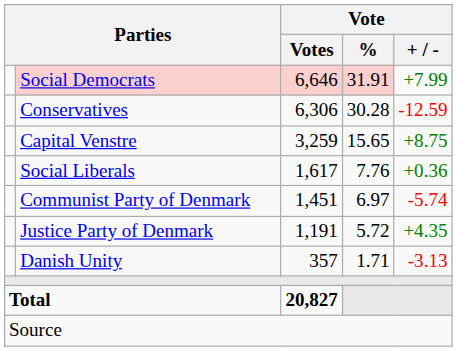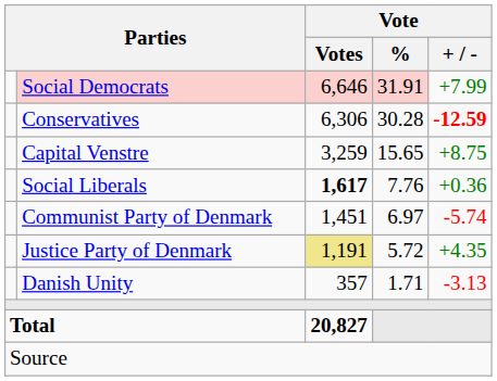 <table class="wikitable" style="text-align:right;">
 <tr>
 <th style="text-align:centre;" rowspan="2" colspan="2" width="225">Parties</th>
 <th colspan="3">Vote</th>
 </tr>
 <tr>
 <th width="15">Votes</th>
 <th width="15">%</th>
 <th width="15">+ / -</th>
 </tr>
 <tr>
 <td width="2" style="color:inherit;background:"></td>
 <td bgcolor=#fbd0ce  align="left"><a href='#'>Social Democrats</a></td>
 <td bgcolor=#fbd0ce>6,646</td>
 <td bgcolor=#fbd0ce>31.91</td>
 <td style=color:green;>+7.99</td>
 </tr>
 <tr>
 <td width="2" style="color:inherit;background:"></td>
 <td align="left"><a href='#'>Conservatives</a></td>
 <td>6,306</td>
 <td>30.28</td>
-<td style=color:red;>-12.59</td>
+<td style=color:red;><strong>-12.59</strong></td>
 </tr>
 <tr>
 <td width="2" style="color:inherit;background:"></td>
 <td align="left"><a href='#'>Capital Venstre</a></td>
 <td>3,259</td>
 <td>15.65</td>
 <td style=color:green;>+8.75</td>
 </tr>
 <tr>
 <td width="2" style="color:inherit;background:"></td>
 <td align="left"><a href='#'>Social Liberals</a></td>
-<td>1,617</td>
+<td><strong>1,617</strong></td>
 <td>7.76</td>
 <td style=color:green;>+0.36</td>
 </tr>
 <tr>
 <td width="2" style="color:inherit;background:"></td>
 <td align="left"><a href='#'>Communist Party of Denmark</a></td>
 <td>1,451</td>
 <td>6.97</td>
 <td style=color:red;>-5.74</td>
 </tr>
 <tr>
 <td width="2" style="color:inherit;background:"></td>
 <td align="left"><a href='#'>Justice Party of Denmark</a></td>
-<td>1,191</td>
+<td style="background: khaki;">1,191</td>
 <td>5.72</td>
 <td style=color:green;>+4.35</td>
 </tr>
 <tr>
 <td width="2" style="color:inherit;background:"></td>
 <td align="left"><a href='#'>Danish Unity</a></td>
 <td>357</td>
 <td>1.71</td>
 <td style=color:red;>-3.13</td>
 </tr>
 <tr>
 <td colspan="7" bgcolor="#E9E9E9"></td>
 </tr>
 <tr>
 <td align="left" colspan="2"><strong>Total</strong></td>
 <td><strong>20,827</strong></td>
 <td bgcolor="#E9E9E9" colspan="2"></td>
 </tr>
 <tr>
 <td align="left" colspan="6">Source</td>
 </tr>
 </table>
